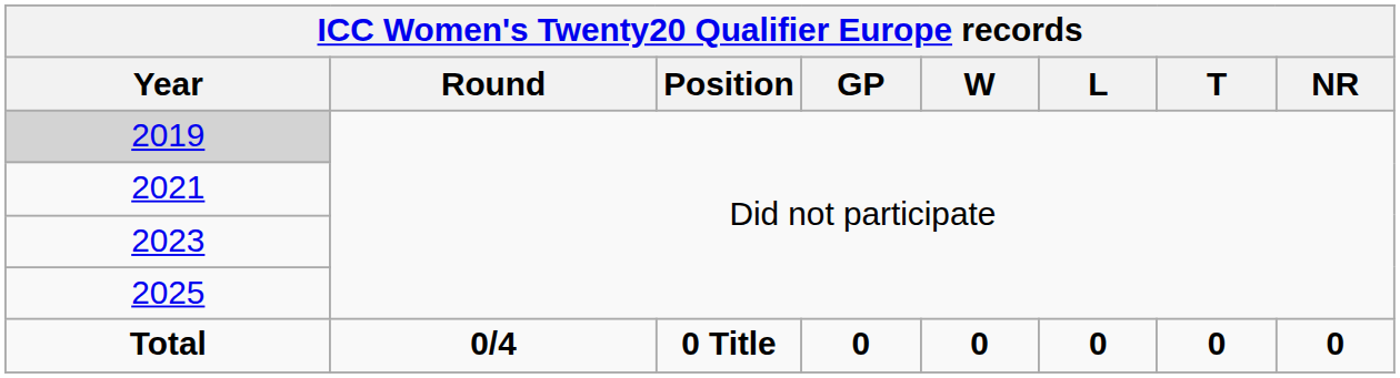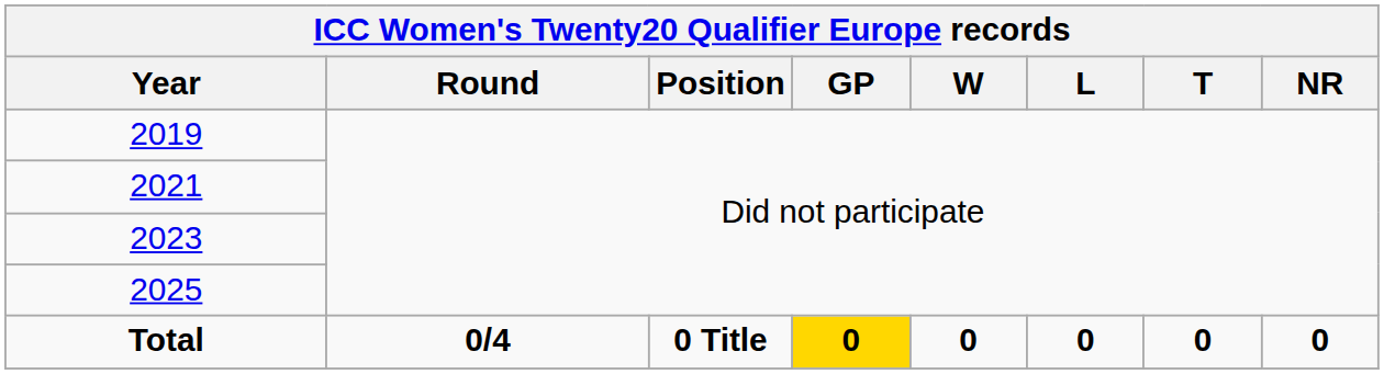 <table class="wikitable" style="text-align: center; width=900px;">
 <tr>
 <th colspan=9><a href='#'>ICC Women's Twenty20 Qualifier Europe</a> records</th>
 </tr>
 <tr>
 <th width=150>Year</th>
 <th width=150>Round</th>
 <th width=50>Position</th>
 <th width=50>GP</th>
 <th width=50>W</th>
 <th width=50>L</th>
 <th width=50>T</th>
 <th width=50>NR</th>
 </tr>
 <tr>
-<td style="background: lightgrey;"> <a href='#'>2019</a></td>
+<td> <a href='#'>2019</a></td>
 <td colspan= 8 rowspan=4>Did not participate</td>
 </tr>
 <tr>
 <td> <a href='#'>2021</a></td>
 </tr>
 <tr>
 <td> <a href='#'>2023</a></td>
 </tr>
 <tr>
 <td> <a href='#'>2025</a></td>
 </tr>
 <tr>
 <td><strong>Total</strong></td>
 <td><strong>0/4</strong></td>
 <td><strong>0 Title </strong></td>
-<td><strong>0</strong></td>
+<td style="background: gold;"><strong>0</strong></td>
 <td><strong>0</strong></td>
 <td><strong>0</strong></td>
 <td><strong>0</strong></td>
 <td><strong>0</strong></td>
 </tr>
 </table>
